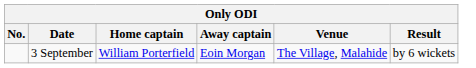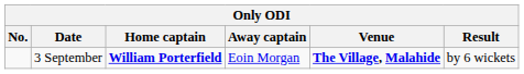 <table class="wikitable">
 <tr>
 <th colspan="9">Only ODI</th>
 </tr>
 <tr>
 <th>No.</th>
 <th>Date</th>
 <th>Home captain</th>
 <th>Away captain</th>
 <th>Venue</th>
 <th>Result</th>
 </tr>
 <tr>
 <td></td>
 <td>3 September</td>
-<td><a href='#'>William Porterfield</a></td>
+<td><strong><a href='#'>William Porterfield</a></strong></td>
 <td><a href='#'>Eoin Morgan</a></td>
-<td><a href='#'>The Village</a>, <a href='#'>Malahide</a></td>
+<td><strong><a href='#'>The Village</a>, <a href='#'>Malahide</a></strong></td>
 <td> by 6 wickets</td>
 </tr>
 </table>
